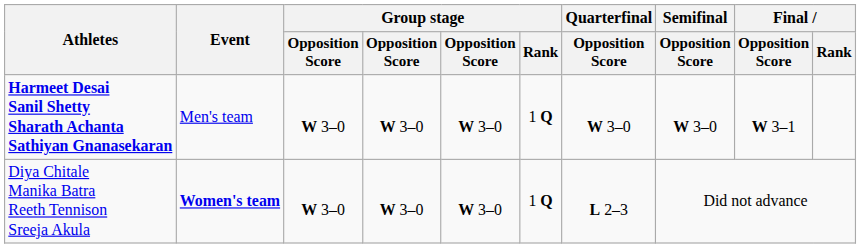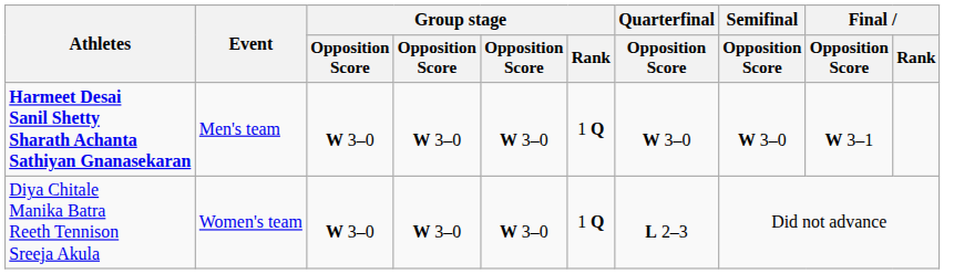 <table class=wikitable style=font-size:88%;text-align:center>
 <tr>
 <th rowspan=2>Athletes</th>
 <th rowspan=2>Event</th>
 <th colspan=4>Group stage</th>
 <th>Quarterfinal</th>
 <th>Semifinal</th>
 <th colspan=2>Final / </th>
 </tr>
 <tr style=font-size:95%>
 <th>Opposition<br>Score</th>
 <th>Opposition<br>Score</th>
 <th>Opposition<br>Score</th>
 <th>Rank</th>
 <th>Opposition<br>Score</th>
 <th>Opposition<br>Score</th>
 <th>Opposition<br>Score</th>
 <th>Rank</th>
 </tr>
 <tr>
 <td align=left><strong><a href='#'>Harmeet Desai</a><br><a href='#'>Sanil Shetty</a><br><a href='#'>Sharath Achanta</a><br><a href='#'>Sathiyan Gnanasekaran</a></strong></td>
 <td align=left><a href='#'>Men's team</a></td>
 <td><br><strong>W</strong> 3–0</td>
 <td><br><strong>W</strong> 3–0</td>
 <td><br><strong>W</strong> 3–0</td>
 <td>1 <strong>Q</strong></td>
 <td><br><strong>W</strong> 3–0</td>
 <td><br><strong>W</strong> 3–0</td>
 <td><br><strong>W</strong> 3–1</td>
 <td></td>
 </tr>
 <tr>
 <td align=left><a href='#'>Diya Chitale</a> <br><a href='#'>Manika Batra</a> <br><a href='#'>Reeth Tennison</a> <br><a href='#'>Sreeja Akula</a></td>
-<td align=left><strong><a href='#'>Women's team</a></strong></td>
+<td align=left><a href='#'>Women's team</a></td>
 <td><br><strong>W</strong> 3–0</td>
 <td><br><strong>W</strong> 3–0</td>
 <td><br><strong>W</strong> 3–0</td>
 <td>1 <strong>Q</strong></td>
 <td><br><strong>L</strong> 2–3</td>
 <td colspan=3>Did not advance</td>
 </tr>
 </table>
